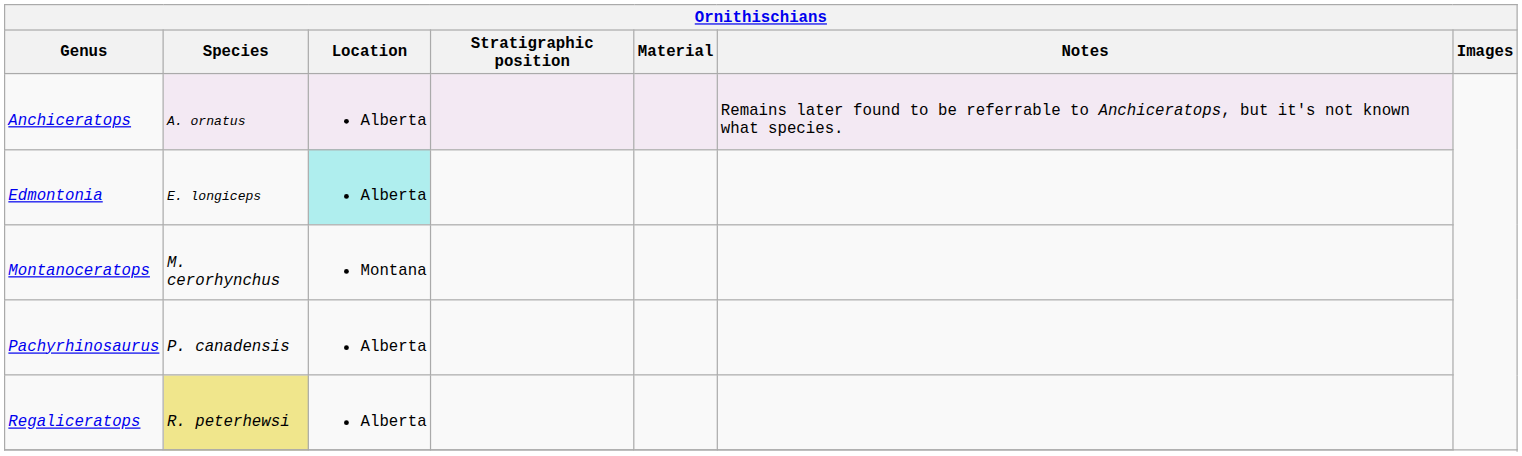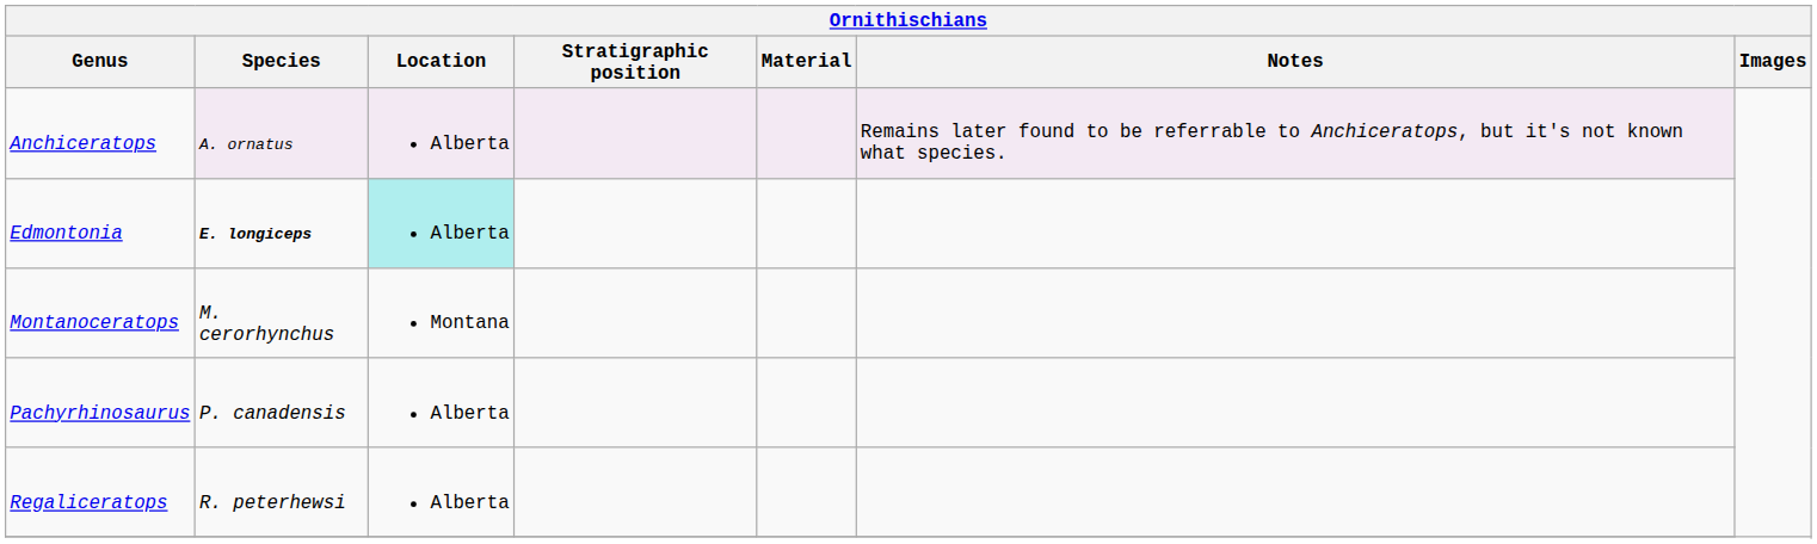 <table class="wikitable" align="center" >
 <tr>
 <th colspan="7" align="center"><strong><a href='#'>Ornithischians</a></strong></th>
 </tr>
 <tr>
 <th>Genus</th>
 <th>Species</th>
 <th>Location</th>
 <th>Stratigraphic position</th>
 <th>Material</th>
 <th>Notes</th>
 <th>Images</th>
 </tr>
 <tr>
 <td><br><em><a href='#'>Anchiceratops</a></em></td>
 <td style="background:#f3e9f3;"><br><small><em>A. ornatus</em></small></td>
 <td style="background:#f3e9f3;"><br><ul><li>Alberta</li></ul></td>
 <td style="background:#f3e9f3;"></td>
 <td style="background:#f3e9f3;"></td>
 <td style="background:#f3e9f3;"><br>Remains later found to be referrable to <em>Anchiceratops</em>, but it's not known what species.</td>
 <td rowspan="99"><br> </td>
 </tr>
 <tr>
 <td><br><em><a href='#'>Edmontonia</a></em></td>
-<td><br><small><em>E. longiceps</em></small></td>
+<td><strong><br><small><em>E. longiceps</em></small></strong></td>
 <td style="background: paleturquoise;"><br><ul><li>Alberta</li></ul></td>
 <td></td>
 <td></td>
 <td></td>
 </tr>
 <tr>
 <td><br><em><a href='#'>Montanoceratops</a></em></td>
 <td><br><em>M. cerorhynchus</em></td>
 <td><br><ul><li>Montana</li></ul></td>
 <td></td>
 <td></td>
 <td></td>
 </tr>
 <tr>
 <td><br><em><a href='#'>Pachyrhinosaurus</a></em></td>
 <td><br><em>P. canadensis</em></td>
 <td><br><ul><li>Alberta</li></ul></td>
 <td></td>
 <td></td>
 <td></td>
 </tr>
 <tr>
 <td><br><em><a href='#'>Regaliceratops</a></em></td>
-<td style="background: khaki;"><br><em>R. peterhewsi</em></td>
+<td><br><em>R. peterhewsi</em></td>
 <td><br><ul><li>Alberta</li></ul></td>
 <td></td>
 <td></td>
 <td></td>
 </tr>
 <tr>
 </tr>
 </table>
